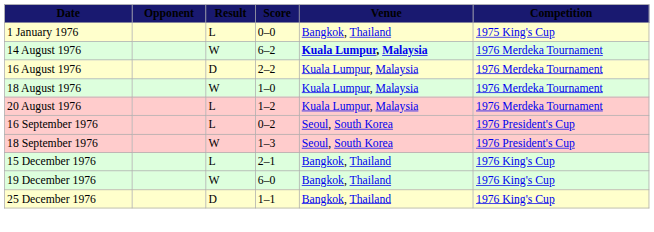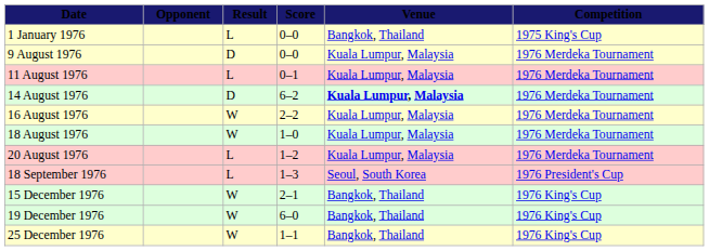 <table style="width:100%;" class="wikitable">
 <tr>
 <th style="background:#191970;"><span>Date</span></th>
 <th style="background:#191970;"><span>Opponent</span></th>
 <th style="background:#191970;"><span>Result</span></th>
 <th style="background:#191970;"><span>Score</span></th>
 <th style="background:#191970;"><span>Venue</span></th>
 <th style="background:#191970;"><span>Competition</span></th>
 </tr>
 <tr style="background:#ffc;">
 <td>1 January 1976</td>
 <td></td>
 <td>L</td>
 <td>0–0</td>
 <td> <a href='#'>Bangkok</a>, <a href='#'>Thailand</a></td>
 <td><a href='#'>1975 King's Cup</a></td>
 </tr>
+<tr style="background:#ffc;">
+<td>9 August 1976</td>
+<td></td>
+<td>D</td>
+<td>0–0</td>
+<td> <a href='#'>Kuala Lumpur</a>, <a href='#'>Malaysia</a></td>
+<td><a href='#'>1976 Merdeka Tournament</a></td>
+</tr>
+<tr style="background:#fcc;">
+<td>11 August 1976</td>
+<td></td>
+<td>L</td>
+<td>0–1</td>
+<td> <a href='#'>Kuala Lumpur</a>, <a href='#'>Malaysia</a></td>
+<td><a href='#'>1976 Merdeka Tournament</a></td>
+</tr>
 <tr style="background:#dfd;">
 <td>14 August 1976</td>
 <td></td>
-<td>W</td>
+<td>D</td>
 <td>6–2</td>
 <td><strong> <a href='#'>Kuala Lumpur</a>, <a href='#'>Malaysia</a></strong></td>
 <td><a href='#'>1976 Merdeka Tournament</a></td>
 </tr>
 <tr style="background:#ffc;">
 <td>16 August 1976</td>
 <td></td>
-<td>D</td>
+<td>W</td>
 <td>2–2</td>
 <td> <a href='#'>Kuala Lumpur</a>, <a href='#'>Malaysia</a></td>
 <td><a href='#'>1976 Merdeka Tournament</a></td>
 </tr>
 <tr style="background:#dfd;">
 <td>18 August 1976</td>
 <td></td>
 <td>W</td>
 <td>1–0</td>
 <td> <a href='#'>Kuala Lumpur</a>, <a href='#'>Malaysia</a></td>
 <td><a href='#'>1976 Merdeka Tournament</a></td>
 </tr>
 <tr style="background:#fcc;">
 <td>20 August 1976</td>
 <td></td>
 <td>L</td>
 <td>1–2</td>
 <td> <a href='#'>Kuala Lumpur</a>, <a href='#'>Malaysia</a></td>
 <td><a href='#'>1976 Merdeka Tournament</a></td>
 </tr>
 <tr style="background:#fcc;">
-<td>16 September 1976</td>
+<td>18 September 1976</td>
 <td></td>
 <td>L</td>
-<td>0–2</td>
-<td> <a href='#'>Seoul</a>, <a href='#'>South Korea</a></td>
-<td><a href='#'>1976 President's Cup</a></td>
-</tr>
-<tr style="background:#fcc;">
-<td>18 September 1976</td>
-<td></td>
-<td>W</td>
 <td>1–3</td>
 <td> <a href='#'>Seoul</a>, <a href='#'>South Korea</a></td>
 <td><a href='#'>1976 President's Cup</a></td>
 </tr>
 <tr style="background:#dfd;">
 <td>15 December 1976</td>
 <td></td>
-<td>L</td>
+<td>W</td>
 <td>2–1</td>
 <td> <a href='#'>Bangkok</a>, <a href='#'>Thailand</a></td>
 <td><a href='#'>1976 King's Cup</a></td>
 </tr>
 <tr style="background:#dfd;">
 <td>19 December 1976</td>
 <td></td>
 <td>W</td>
 <td>6–0</td>
 <td> <a href='#'>Bangkok</a>, <a href='#'>Thailand</a></td>
 <td><a href='#'>1976 King's Cup</a></td>
 </tr>
 <tr style="background:#ffc;">
 <td>25 December 1976</td>
 <td></td>
-<td>D</td>
+<td>W</td>
 <td>1–1</td>
 <td> <a href='#'>Bangkok</a>, <a href='#'>Thailand</a></td>
 <td><a href='#'>1976 King's Cup</a></td>
 </tr>
 </table>
